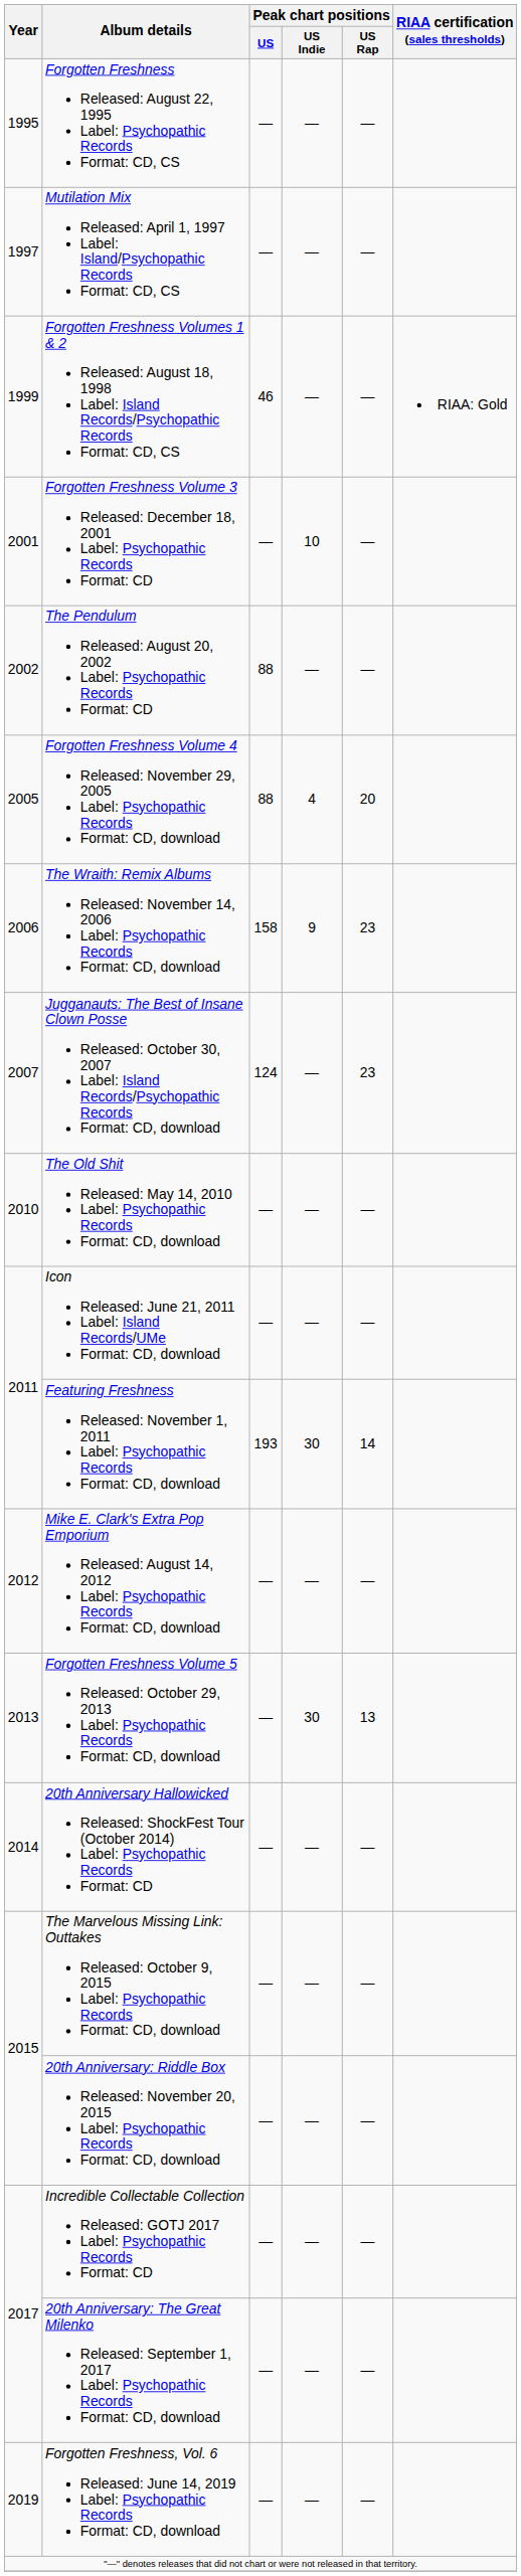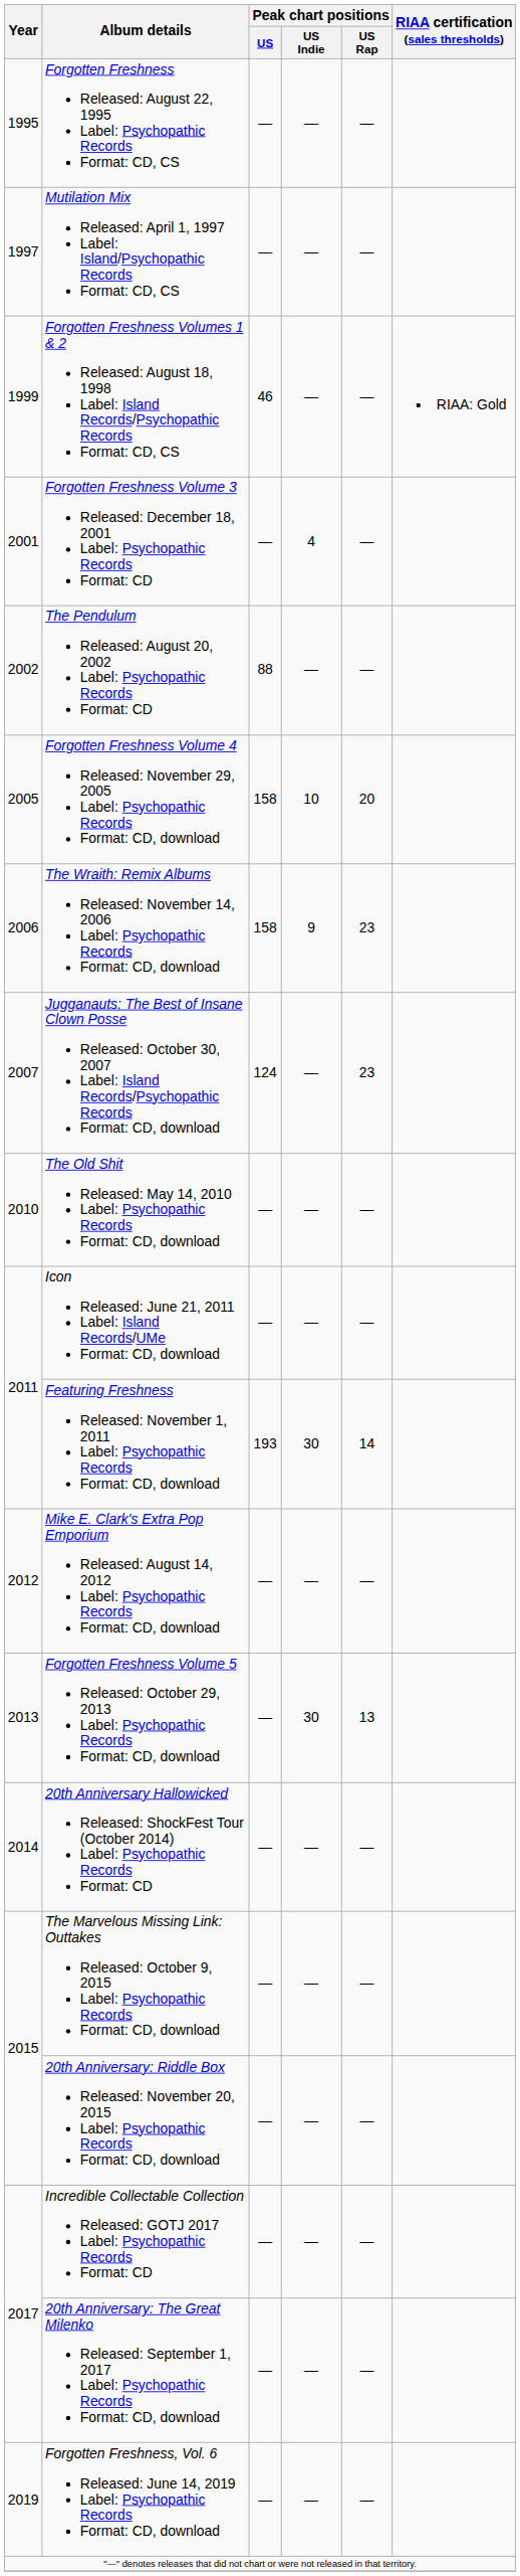 <table class="wikitable" style="text-align:center;">
 <tr>
 <th rowspan="2">Year</th>
 <th rowspan="2" width="230">Album details</th>
 <th colspan="3">Peak chart positions</th>
 <th rowspan="2"><a href='#'>RIAA</a> certification<br><small>(<a href='#'>sales thresholds</a>)</small></th>
 </tr>
 <tr style="font-size:smaller;">
 <th width="30"><a href='#'>US</a><br></th>
 <th>US<br> Indie<br></th>
 <th>US<br> Rap<br></th>
 </tr>
 <tr>
 <td>1995</td>
 <td style="text-align:left"><em><a href='#'>Forgotten Freshness</a></em><br><ul><li>Released: August 22, 1995</li><li>Label: <a href='#'>Psychopathic Records</a></li><li>Format: CD, CS</li></ul></td>
 <td>—</td>
 <td>—</td>
 <td>—</td>
 <td style="text-align:left"></td>
 </tr>
 <tr>
 <td>1997</td>
 <td style="text-align:left"><em><a href='#'>Mutilation Mix</a></em><br><ul><li>Released: April 1, 1997</li><li>Label: <a href='#'>Island</a>/<a href='#'>Psychopathic Records</a></li><li>Format: CD, CS</li></ul></td>
 <td>—</td>
 <td>—</td>
 <td>—</td>
 <td style="text-align:left"></td>
 </tr>
 <tr>
 <td>1999</td>
 <td style="text-align:left"><em><a href='#'>Forgotten Freshness Volumes 1 & 2</a></em><br><ul><li>Released: August 18, 1998</li><li>Label: <a href='#'>Island Records</a>/<a href='#'>Psychopathic Records</a></li><li>Format: CD, CS</li></ul></td>
 <td>46</td>
 <td>—</td>
 <td>—</td>
 <td><br><ul><li>RIAA: Gold</li></ul></td>
 </tr>
 <tr>
 <td>2001</td>
 <td style="text-align:left"><em><a href='#'>Forgotten Freshness Volume 3</a></em><br><ul><li>Released: December 18, 2001</li><li>Label: <a href='#'>Psychopathic Records</a></li><li>Format: CD</li></ul></td>
 <td>—</td>
-<td>10</td>
+<td>4</td>
 <td>—</td>
 <td style="text-align:left"></td>
 </tr>
 <tr>
 <td>2002</td>
 <td style="text-align:left"><em><a href='#'>The Pendulum</a></em><br><ul><li>Released: August 20, 2002</li><li>Label: <a href='#'>Psychopathic Records</a></li><li>Format: CD</li></ul></td>
 <td>88</td>
 <td>—</td>
 <td>—</td>
 <td style="text-align:left"></td>
 </tr>
 <tr>
 <td>2005</td>
 <td style="text-align:left"><em><a href='#'>Forgotten Freshness Volume 4</a></em><br><ul><li>Released: November 29, 2005</li><li>Label: <a href='#'>Psychopathic Records</a></li><li>Format: CD, download</li></ul></td>
-<td>88</td>
-<td>4</td>
+<td>158</td>
+<td>10</td>
 <td>20</td>
 <td style="text-align:left"></td>
 </tr>
 <tr>
 <td>2006</td>
 <td style="text-align:left"><em><a href='#'>The Wraith: Remix Albums</a></em><br><ul><li>Released: November 14, 2006</li><li>Label: <a href='#'>Psychopathic Records</a></li><li>Format: CD, download</li></ul></td>
 <td>158</td>
 <td>9</td>
 <td>23</td>
 <td style="text-align:left"></td>
 </tr>
 <tr>
 <td>2007</td>
 <td style="text-align:left"><em><a href='#'>Jugganauts: The Best of Insane Clown Posse</a></em><br><ul><li>Released: October 30, 2007</li><li>Label: <a href='#'>Island Records</a>/<a href='#'>Psychopathic Records</a></li><li>Format: CD, download</li></ul></td>
 <td>124</td>
 <td>—</td>
 <td>23</td>
 <td style="text-align:left"></td>
 </tr>
 <tr>
 <td>2010</td>
 <td style="text-align:left"><em><a href='#'>The Old Shit</a></em><br><ul><li>Released: May 14, 2010</li><li>Label: <a href='#'>Psychopathic Records</a></li><li>Format: CD, download</li></ul></td>
 <td>—</td>
 <td>—</td>
 <td>—</td>
 <td style="text-align:left"></td>
 </tr>
 <tr>
 <td rowspan="2">2011</td>
 <td style="text-align:left"><em>Icon</em><br><ul><li>Released: June 21, 2011</li><li>Label: <a href='#'>Island Records</a>/<a href='#'>UMe</a></li><li>Format: CD, download</li></ul></td>
 <td>—</td>
 <td>—</td>
 <td>—</td>
 <td style="text-align:left"></td>
 </tr>
 <tr>
 <td style="text-align:left"><em><a href='#'>Featuring Freshness</a></em><br><ul><li>Released: November 1, 2011</li><li>Label: <a href='#'>Psychopathic Records</a></li><li>Format: CD, download</li></ul></td>
 <td>193</td>
 <td>30</td>
 <td>14</td>
 <td style="text-align:left"></td>
 </tr>
 <tr>
 <td>2012</td>
 <td style="text-align:left"><em><a href='#'>Mike E. Clark's Extra Pop Emporium</a></em><br><ul><li>Released: August 14, 2012</li><li>Label: <a href='#'>Psychopathic Records</a></li><li>Format: CD, download</li></ul></td>
 <td>—</td>
 <td>—</td>
 <td>—</td>
 <td style="text-align:left"></td>
 </tr>
 <tr>
 <td>2013</td>
 <td style="text-align:left"><em><a href='#'>Forgotten Freshness Volume 5</a></em><br><ul><li>Released: October 29, 2013</li><li>Label: <a href='#'>Psychopathic Records</a></li><li>Format: CD, download</li></ul></td>
 <td>—</td>
 <td>30</td>
 <td>13</td>
 <td style="text-align:left"></td>
 </tr>
 <tr>
 <td>2014</td>
 <td style="text-align:left"><em><a href='#'>20th Anniversary Hallowicked</a></em><br><ul><li>Released: ShockFest Tour (October 2014)</li><li>Label: <a href='#'>Psychopathic Records</a></li><li>Format: CD</li></ul></td>
 <td>—</td>
 <td>—</td>
 <td>—</td>
 <td style="text-align:left"></td>
 </tr>
 <tr>
 <td rowspan="2">2015</td>
 <td style="text-align:left"><em>The Marvelous Missing Link: Outtakes</em><br><ul><li>Released: October 9, 2015</li><li>Label: <a href='#'>Psychopathic Records</a></li><li>Format: CD, download</li></ul></td>
 <td>—</td>
 <td>—</td>
 <td>—</td>
 <td></td>
 </tr>
 <tr>
 <td style="text-align:left"><em><a href='#'>20th Anniversary: Riddle Box</a></em><br><ul><li>Released: November 20, 2015</li><li>Label: <a href='#'>Psychopathic Records</a></li><li>Format: CD, download</li></ul></td>
 <td>—</td>
 <td>—</td>
 <td>—</td>
 <td></td>
 </tr>
 <tr>
 <td rowspan="2">2017</td>
 <td style="text-align:left"><em>Incredible Collectable Collection</em><br><ul><li>Released: GOTJ 2017</li><li>Label: <a href='#'>Psychopathic Records</a></li><li>Format: CD</li></ul></td>
 <td>—</td>
 <td>—</td>
 <td>—</td>
 <td></td>
 </tr>
 <tr>
 <td style="text-align:left"><em><a href='#'>20th Anniversary: The Great Milenko</a></em><br><ul><li>Released: September 1, 2017</li><li>Label: <a href='#'>Psychopathic Records</a></li><li>Format: CD, download</li></ul></td>
 <td>—</td>
 <td>—</td>
 <td>—</td>
 <td></td>
 </tr>
 <tr>
 <td>2019</td>
 <td style="text-align:left"><em>Forgotten Freshness, Vol. 6</em><br><ul><li>Released: June 14, 2019</li><li>Label: <a href='#'>Psychopathic Records</a></li><li>Format: CD, download</li></ul></td>
 <td>—</td>
 <td>—</td>
 <td>—</td>
 <td></td>
 </tr>
 <tr>
 <td colspan="15" style="font-size: 8pt">"—" denotes releases that did not chart or were not released in that territory.</td>
 </tr>
 <tr>
 </tr>
 </table>
